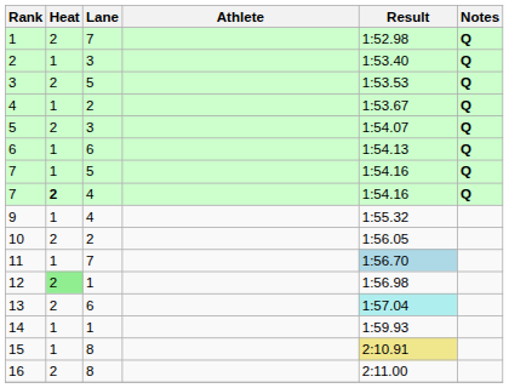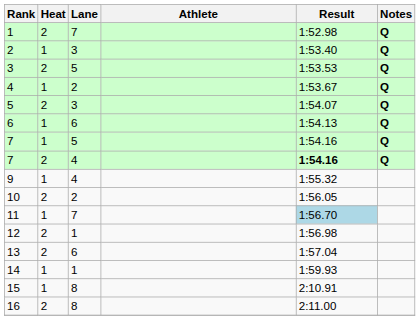 <table class="wikitable" style="font-size:95%" style="width:35em;" style="text-align:center">
 <tr>
 <th>Rank</th>
 <th>Heat</th>
 <th>Lane</th>
 <th width=250>Athlete</th>
 <th width=100>Result</th>
 <th>Notes</th>
 </tr>
 <tr bgcolor=ccffcc>
 <td>1</td>
 <td>2</td>
 <td>7</td>
 <td align=left></td>
 <td>1:52.98</td>
 <td><strong>Q</strong></td>
 </tr>
 <tr bgcolor=ccffcc>
 <td>2</td>
 <td>1</td>
 <td>3</td>
 <td align=left></td>
 <td>1:53.40</td>
 <td><strong>Q</strong></td>
 </tr>
 <tr bgcolor=ccffcc>
 <td>3</td>
 <td>2</td>
 <td>5</td>
 <td align=left></td>
 <td>1:53.53</td>
 <td><strong>Q</strong></td>
 </tr>
 <tr bgcolor=ccffcc>
 <td>4</td>
 <td>1</td>
 <td>2</td>
 <td align=left></td>
 <td>1:53.67</td>
 <td><strong>Q</strong></td>
 </tr>
 <tr bgcolor=ccffcc>
 <td>5</td>
 <td>2</td>
 <td>3</td>
 <td align=left></td>
 <td>1:54.07</td>
 <td><strong>Q</strong></td>
 </tr>
 <tr bgcolor=ccffcc>
 <td>6</td>
 <td>1</td>
 <td>6</td>
 <td align=left></td>
 <td>1:54.13</td>
 <td><strong>Q</strong></td>
 </tr>
 <tr bgcolor=ccffcc>
 <td>7</td>
 <td>1</td>
 <td>5</td>
 <td align=left></td>
 <td>1:54.16</td>
 <td><strong>Q</strong></td>
 </tr>
 <tr bgcolor=ccffcc>
 <td>7</td>
-<td><strong>2</strong></td>
+<td>2</td>
 <td>4</td>
 <td align=left></td>
-<td>1:54.16</td>
+<td><strong>1:54.16</strong></td>
 <td><strong>Q</strong></td>
 </tr>
 <tr>
 <td>9</td>
 <td>1</td>
 <td>4</td>
 <td align=left></td>
 <td>1:55.32</td>
 <td></td>
 </tr>
 <tr>
 <td>10</td>
 <td>2</td>
 <td>2</td>
 <td align=left></td>
 <td>1:56.05</td>
 <td></td>
 </tr>
 <tr>
 <td>11</td>
 <td>1</td>
 <td>7</td>
 <td align=left></td>
 <td style="background: lightblue;">1:56.70</td>
 <td></td>
 </tr>
 <tr>
 <td>12</td>
-<td style="background: lightgreen;">2</td>
+<td>2</td>
 <td>1</td>
 <td align=left></td>
 <td>1:56.98</td>
 <td></td>
 </tr>
 <tr>
 <td>13</td>
 <td>2</td>
 <td>6</td>
 <td align=left></td>
-<td style="background: paleturquoise;">1:57.04</td>
+<td>1:57.04</td>
 <td></td>
 </tr>
 <tr>
 <td>14</td>
 <td>1</td>
 <td>1</td>
 <td align=left></td>
 <td>1:59.93</td>
 <td></td>
 </tr>
 <tr>
 <td>15</td>
 <td>1</td>
 <td>8</td>
 <td align=left></td>
-<td style="background: khaki;">2:10.91</td>
+<td>2:10.91</td>
 <td></td>
 </tr>
 <tr>
 <td>16</td>
 <td>2</td>
 <td>8</td>
 <td align=left></td>
 <td>2:11.00</td>
 <td></td>
 </tr>
 <tr>
 </tr>
 </table>
